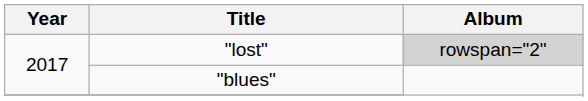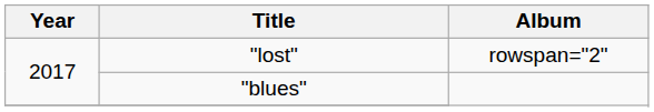 <table class="wikitable plainrowheaders" style="text-align:center;">
 <tr>
 <th style="width:4em;">Year</th>
 <th style="width:16em;">Title</th>
 <th style="width:9em;">Album</th>
 </tr>
 <tr>
 <td rowspan="2" style="text-align:center;">2017</td>
 <td>"lost"</td>
-<td style="background: lightgrey;">rowspan="2" </td>
+<td>rowspan="2" </td>
 </tr>
 <tr>
 <td>"blues"</td>
 </tr>
 <tr>
 </tr>
 </table>
